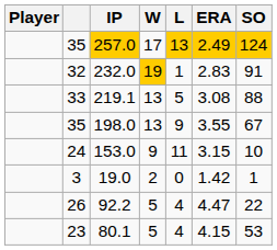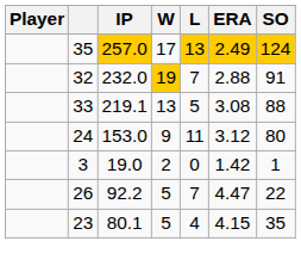 <table class="wikitable sortable">
 <tr>
 <th>Player</th>
 <th></th>
 <th>IP</th>
 <th>W</th>
 <th>L</th>
 <th>ERA</th>
 <th>SO</th>
 </tr>
 <tr align="center">
 <td></td>
 <td>35</td>
 <td bgcolor="#FFCC00">257.0</td>
 <td>17</td>
 <td bgcolor="#FFCC00">13</td>
 <td bgcolor="#FFCC00">2.49</td>
 <td bgcolor="#FFCC00">124</td>
 </tr>
 <tr align=center>
 <td></td>
 <td>32</td>
 <td>232.0</td>
 <td bgcolor="#FFCC00">19</td>
-<td>1</td>
-<td>2.83</td>
+<td>7</td>
+<td>2.88</td>
 <td>91</td>
 </tr>
 <tr align=center>
 <td></td>
 <td>33</td>
 <td>219.1</td>
 <td>13</td>
 <td>5</td>
 <td>3.08</td>
 <td>88</td>
 </tr>
 <tr align=center>
 <td></td>
-<td>35</td>
-<td>198.0</td>
-<td>13</td>
-<td>9</td>
-<td>3.55</td>
-<td>67</td>
-</tr>
-<tr align=center>
-<td></td>
 <td>24</td>
 <td>153.0</td>
 <td>9</td>
 <td>11</td>
-<td>3.15</td>
-<td>10</td>
+<td>3.12</td>
+<td>80</td>
 </tr>
 <tr align="center">
 <td></td>
 <td>3</td>
 <td>19.0</td>
 <td>2</td>
 <td>0</td>
 <td>1.42</td>
 <td>1</td>
 </tr>
 <tr align="center">
 <td></td>
 <td>26</td>
 <td>92.2</td>
 <td>5</td>
-<td>4</td>
+<td>7</td>
 <td>4.47</td>
 <td>22</td>
 </tr>
 <tr align="center">
 <td></td>
 <td>23</td>
 <td>80.1</td>
 <td>5</td>
 <td>4</td>
 <td>4.15</td>
-<td>53</td>
+<td>35</td>
 </tr>
 </table>
